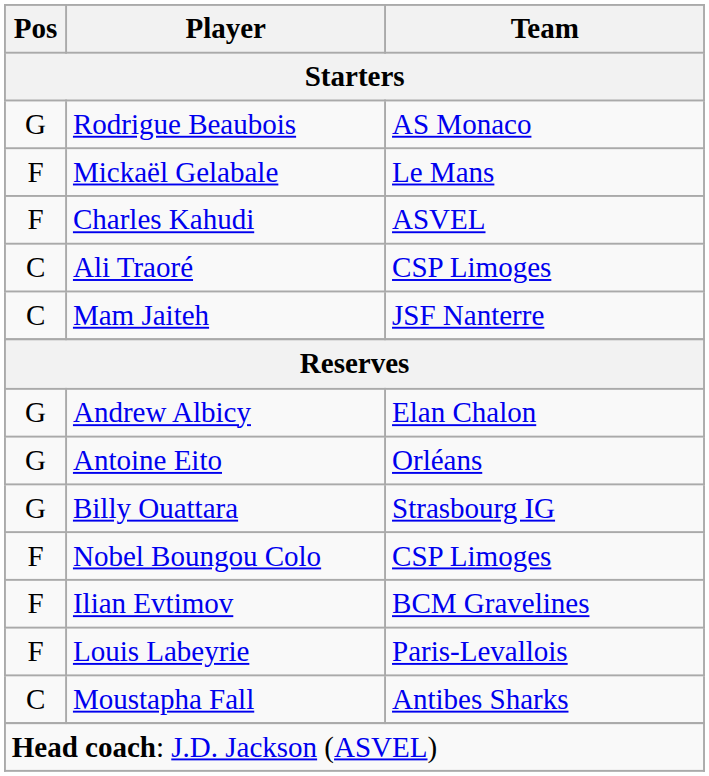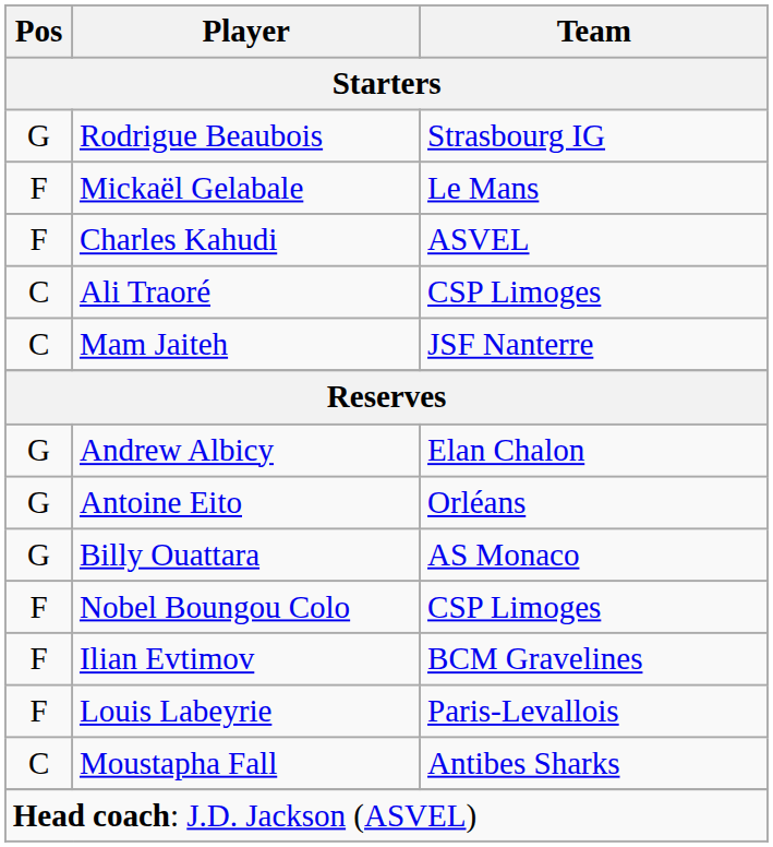 <table class="wikitable" style="text-align:center; font-size:95%;">
 <tr>
 <th scope="col" width="25px">Pos</th>
 <th scope="col" width="160px">Player</th>
 <th scope="col" width="160px">Team</th>
 </tr>
 <tr>
 <th scope="col" colspan="5">Starters</th>
 </tr>
 <tr>
 <td>G</td>
 <td style="text-align:left"><a href='#'>Rodrigue Beaubois</a></td>
-<td style="text-align:left"><a href='#'>AS Monaco</a></td>
+<td style="text-align:left"><a href='#'>Strasbourg IG</a></td>
 </tr>
 <tr>
 <td>F</td>
 <td style="text-align:left"><a href='#'>Mickaël Gelabale</a></td>
 <td style="text-align:left"><a href='#'>Le Mans</a></td>
 </tr>
 <tr>
 <td>F</td>
 <td style="text-align:left"><a href='#'>Charles Kahudi</a></td>
 <td style="text-align:left"><a href='#'>ASVEL</a></td>
 </tr>
 <tr>
 <td>C</td>
 <td style="text-align:left"><a href='#'>Ali Traoré</a></td>
 <td style="text-align:left"><a href='#'>CSP Limoges</a></td>
 </tr>
 <tr>
 <td>C</td>
 <td style="text-align:left"><a href='#'>Mam Jaiteh</a></td>
 <td style="text-align:left"><a href='#'>JSF Nanterre</a></td>
 </tr>
 <tr>
 </tr>
 <tr>
 <th scope="col" colspan="5">Reserves</th>
 </tr>
 <tr>
 <td>G</td>
 <td style="text-align:left"><a href='#'>Andrew Albicy</a></td>
 <td style="text-align:left"><a href='#'>Elan Chalon</a></td>
 </tr>
 <tr>
 <td>G</td>
 <td style="text-align:left"><a href='#'>Antoine Eito</a></td>
 <td style="text-align:left"><a href='#'>Orléans</a></td>
 </tr>
 <tr>
 <td>G</td>
 <td style="text-align:left"><a href='#'>Billy Ouattara</a></td>
-<td style="text-align:left"><a href='#'>Strasbourg IG</a></td>
+<td style="text-align:left"><a href='#'>AS Monaco</a></td>
 </tr>
 <tr>
 <td>F</td>
 <td style="text-align:left"><a href='#'>Nobel Boungou Colo</a></td>
 <td style="text-align:left"><a href='#'>CSP Limoges</a></td>
 </tr>
 <tr>
 <td>F</td>
 <td style="text-align:left"><a href='#'>Ilian Evtimov</a></td>
 <td style="text-align:left"><a href='#'>BCM Gravelines</a></td>
 </tr>
 <tr>
 <td>F</td>
 <td style="text-align:left"><a href='#'>Louis Labeyrie</a></td>
 <td style="text-align:left"><a href='#'>Paris-Levallois</a></td>
 </tr>
 <tr>
 <td>C</td>
 <td style="text-align:left"><a href='#'>Moustapha Fall</a></td>
 <td style="text-align:left"><a href='#'>Antibes Sharks</a></td>
 </tr>
 <tr>
 </tr>
 <tr>
 <td style="text-align:left" colspan="5"><strong>Head coach</strong>:  <a href='#'>J.D. Jackson</a> (<a href='#'>ASVEL</a>)</td>
 </tr>
 </table>
